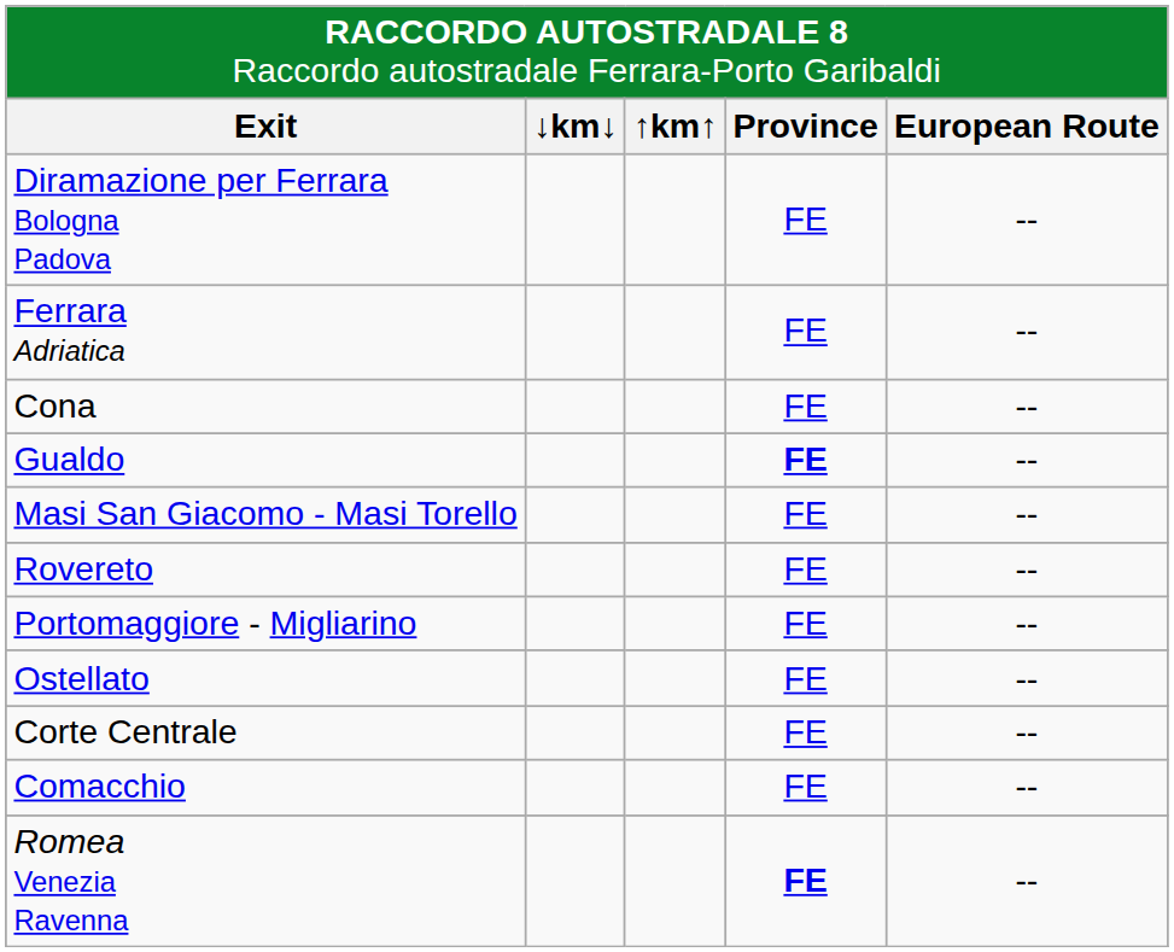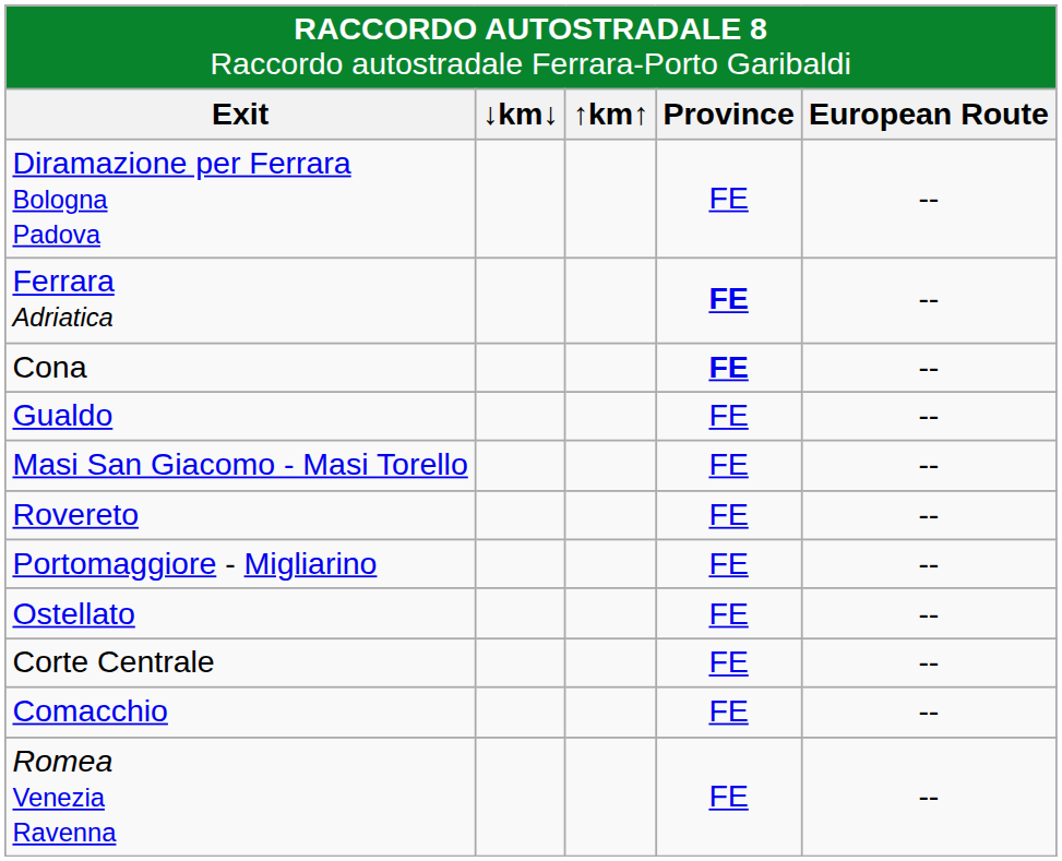 <table class="wikitable" border="1">
 <tr align="center" bgcolor="08842C" style="color: white;font-size:100%;">
 <td colspan="6"><strong> RACCORDO AUTOSTRADALE 8</strong><br>Raccordo autostradale Ferrara-Porto Garibaldi</td>
 </tr>
 <tr>
 <th style="text-align:center;"><strong>Exit</strong></th>
 <th style="text-align:center;"><strong>↓km↓</strong></th>
 <th style="text-align:center;"><strong>↑km↑</strong></th>
 <th align="center"><strong>Province</strong></th>
 <th align="center"><strong>European Route</strong></th>
 </tr>
 <tr>
 <td>  <a href='#'>Diramazione per Ferrara</a><br><small><a href='#'>Bologna</a><br><a href='#'>Padova</a></small></td>
 <td align="right"></td>
 <td align="right"></td>
 <td align="center"><a href='#'>FE</a></td>
 <td align="center">--</td>
 </tr>
 <tr>
 <td> <a href='#'>Ferrara</a><br><small>  <em>Adriatica</em></small></td>
 <td align="right"></td>
 <td align="right"></td>
-<td align="center"><a href='#'>FE</a></td>
+<td align="center"><strong><a href='#'>FE</a></strong></td>
 <td align="center">--</td>
 </tr>
 <tr>
 <td> Cona</td>
 <td align="right"></td>
 <td align="right"></td>
-<td align="center"><a href='#'>FE</a></td>
+<td align="center"><strong><a href='#'>FE</a></strong></td>
 <td align="center">--</td>
 </tr>
 <tr>
 <td> <a href='#'>Gualdo</a></td>
 <td align="right"></td>
 <td align="right"></td>
-<td align="center"><strong><a href='#'>FE</a></strong></td>
+<td align="center"><a href='#'>FE</a></td>
 <td align="center">--</td>
 </tr>
 <tr>
 <td> <a href='#'>Masi San Giacomo - Masi Torello</a></td>
 <td align="right"></td>
 <td align="right"></td>
 <td align="center"><a href='#'>FE</a></td>
 <td align="center">--</td>
 </tr>
 <tr>
 <td> <a href='#'>Rovereto</a></td>
 <td align="right"></td>
 <td align="right"></td>
 <td align="center"><a href='#'>FE</a></td>
 <td align="center">--</td>
 </tr>
 <tr>
 <td> <a href='#'>Portomaggiore</a> - <a href='#'>Migliarino</a></td>
 <td align="right"></td>
 <td align="right"></td>
 <td align="center"><a href='#'>FE</a></td>
 <td align="center">--</td>
 </tr>
 <tr>
 <td> <a href='#'>Ostellato</a></td>
 <td align="right"></td>
 <td align="right"></td>
 <td align="center"><a href='#'>FE</a></td>
 <td align="center">--</td>
 </tr>
 <tr>
 <td> Corte Centrale</td>
 <td align="right"></td>
 <td align="right"></td>
 <td align="center"><a href='#'>FE</a></td>
 <td align="center">--</td>
 </tr>
 <tr>
 <td> <a href='#'>Comacchio</a></td>
 <td align="right"></td>
 <td align="right"></td>
 <td align="center"><a href='#'>FE</a></td>
 <td align="center">--</td>
 </tr>
 <tr>
 <td>    <em>Romea</em> <br><small><a href='#'>Venezia</a><br><a href='#'>Ravenna</a></small></td>
 <td align="right"></td>
 <td align="right"></td>
-<td align="center"><strong><a href='#'>FE</a></strong></td>
+<td align="center"><a href='#'>FE</a></td>
 <td align="center">--</td>
 </tr>
 </table>
